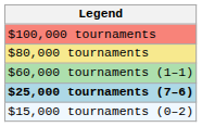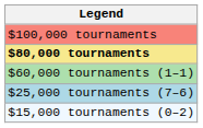 <table class="wikitable" style="font-size:85%">
 <tr>
 <th>Legend</th>
 </tr>
 <tr style="background:#f88379;">
 <td>$100,000 tournaments</td>
 </tr>
 <tr style="background:#f7e98e;">
-<td>$80,000 tournaments</td>
+<td><strong>$80,000 tournaments</strong></td>
 </tr>
 <tr style="background:#addfad;">
 <td>$60,000 tournaments (1–1)</td>
 </tr>
 <tr style="background:lightblue;">
-<td><strong>$25,000 tournaments (7–6)</strong></td>
+<td>$25,000 tournaments (7–6)</td>
 </tr>
 <tr style="background:#f0f8ff;">
 <td>$15,000 tournaments (0–2)</td>
 </tr>
 </table>
